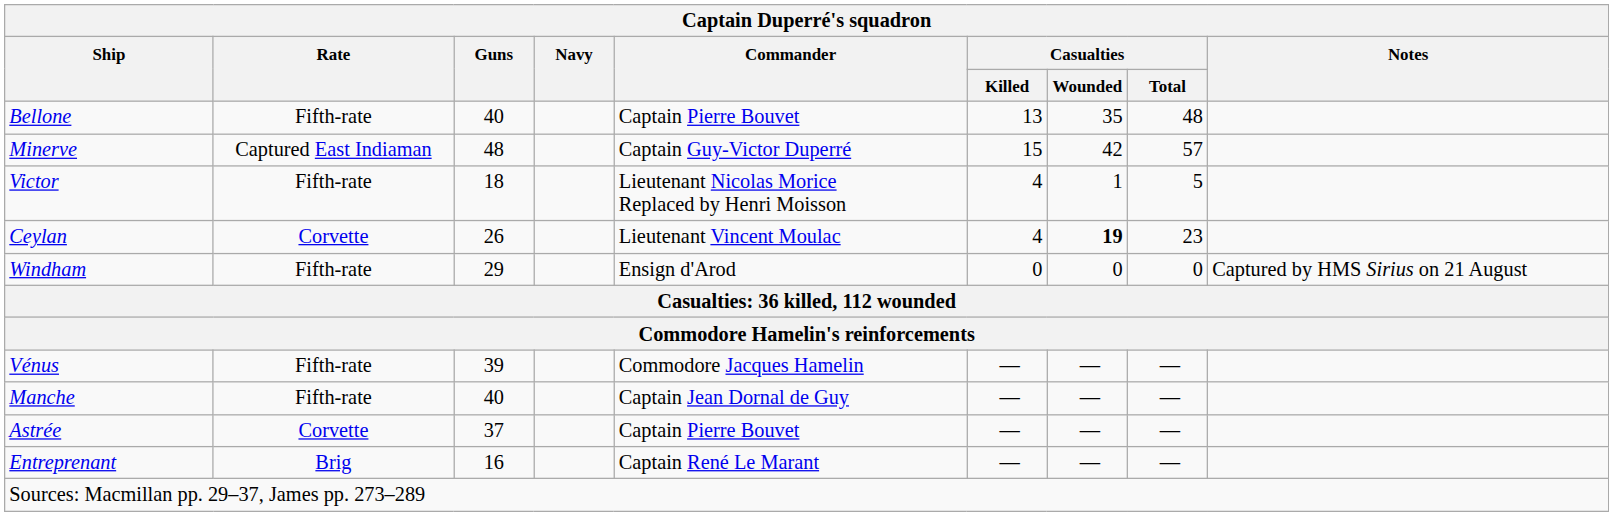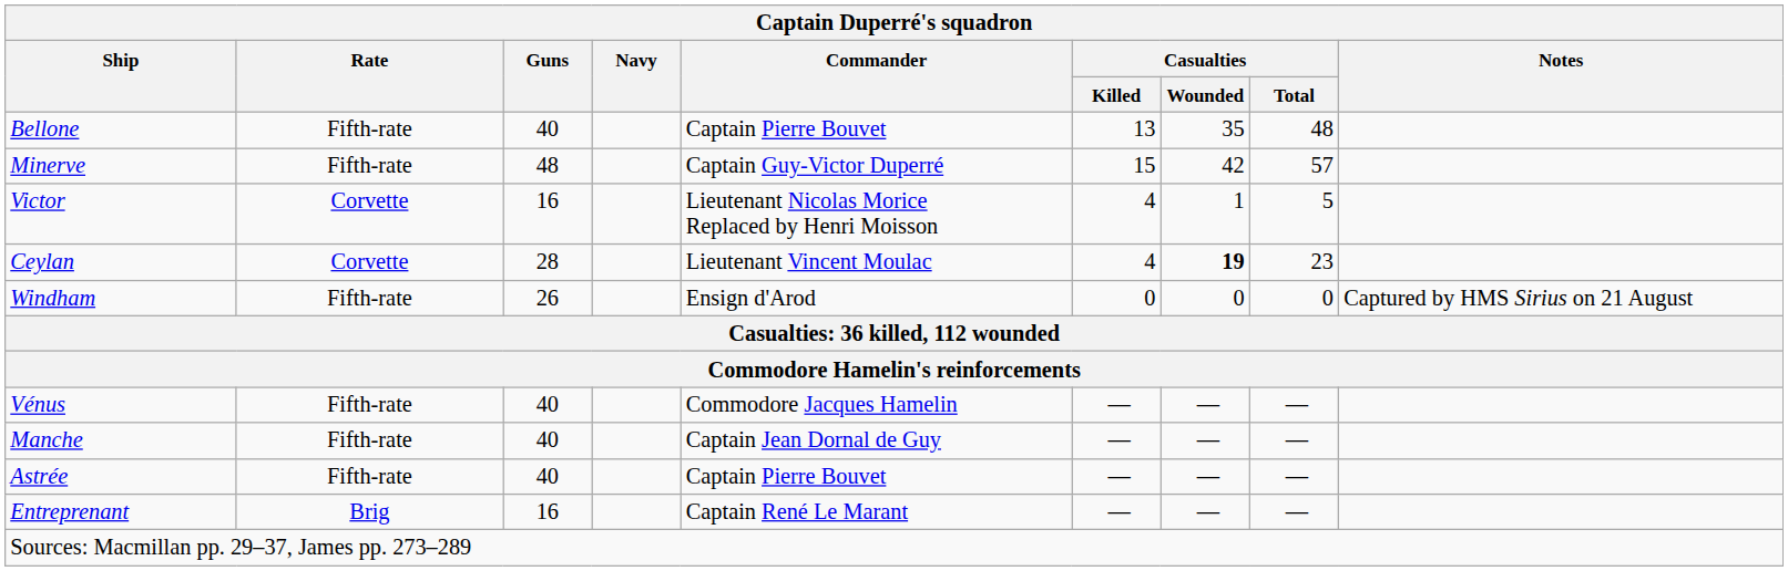 <table class="wikitable" border="1" style="width:100%;">
 <tr style="vertical-align:top;">
 <th colspan="11" bgcolor="white">Captain Duperré's squadron</th>
 </tr>
 <tr valign="top"|- style="vertical-align:top;">
 <th width=13%; align= center rowspan=2><small> Ship </small></th>
 <th width=15%; align= center rowspan=2><small> Rate </small></th>
 <th width=5%; align= center rowspan=2><small> Guns </small></th>
 <th width=5%; align= center rowspan=2><small> Navy </small></th>
 <th width=22%; align= center rowspan=2><small> Commander </small></th>
 <th width=15%; align= center colspan=3><small>Casualties</small></th>
 <th width=25%; align= center rowspan=2><small>Notes</small></th>
 </tr>
 <tr style="vertical-align:top;">
 <th width=5%; align= center><small> Killed </small></th>
 <th width=5%; align= center><small> Wounded </small></th>
 <th width=5%; align= center><small> Total</small></th>
 </tr>
 <tr valign="top">
 <td align= left><em><a href='#'>Bellone</a></em></td>
 <td align= center>Fifth-rate</td>
 <td align= center>40</td>
 <td align= center></td>
 <td align= left>Captain <a href='#'>Pierre Bouvet</a></td>
 <td align= right>13</td>
 <td align= right>35</td>
 <td align= right>48</td>
 <td align= left></td>
 </tr>
 <tr style="vertical-align:top;">
 <td align= left><em><a href='#'>Minerve</a></em></td>
-<td align= center>Captured <a href='#'>East Indiaman</a></td>
+<td align= center>Fifth-rate</td>
 <td align= center>48</td>
 <td align= center></td>
 <td align= left>Captain <a href='#'>Guy-Victor Duperré</a></td>
 <td align= right>15</td>
 <td align= right>42</td>
 <td align= right>57</td>
 <td align= left></td>
 </tr>
 <tr style="vertical-align:top;">
 <td align= left><em><a href='#'>Victor</a></em></td>
-<td align= center>Fifth-rate</td>
-<td align= center>18</td>
+<td align= center><a href='#'>Corvette</a></td>
+<td align= center>16</td>
 <td align= center></td>
 <td align= left>Lieutenant <a href='#'>Nicolas Morice</a><br>Replaced by Henri Moisson</td>
 <td align= right>4</td>
 <td align= right>1</td>
 <td align= right>5</td>
 <td align= left></td>
 </tr>
 <tr style="vertical-align:top;">
 <td align= left><a href='#'><em>Ceylan</em></a></td>
 <td align= center><a href='#'>Corvette</a></td>
-<td align= center>26</td>
+<td align= center>28</td>
 <td align= center></td>
 <td align= left>Lieutenant <a href='#'>Vincent Moulac</a></td>
 <td align= right>4</td>
 <td align= right><strong>19</strong></td>
 <td align= right>23</td>
 <td align= left></td>
 </tr>
 <tr style="vertical-align:top;">
 <td align= left><a href='#'><em>Windham</em></a></td>
 <td align= center>Fifth-rate</td>
-<td align= center>29</td>
+<td align= center>26</td>
 <td align= center></td>
 <td align= left>Ensign d'Arod</td>
 <td align= right>0</td>
 <td align= right>0</td>
 <td align= right>0</td>
 <td align= left>Captured by HMS <em>Sirius</em> on 21 August</td>
 </tr>
 <tr style="vertical-align:top;">
 <th colspan="11" bgcolor="white">Casualties: 36 killed, 112 wounded</th>
 </tr>
 <tr style="vertical-align:top;">
 <th colspan="11" bgcolor="white">Commodore Hamelin's reinforcements</th>
 </tr>
 <tr style="vertical-align:top;">
 <td align= left><em><a href='#'>Vénus</a></em></td>
 <td align= center>Fifth-rate</td>
-<td align= center>39</td>
+<td align= center>40</td>
 <td align= center></td>
 <td align= left>Commodore <a href='#'>Jacques Hamelin</a></td>
 <td align= center> —</td>
 <td align= center> —</td>
 <td align= center> —</td>
 <td align= left></td>
 </tr>
 <tr style="vertical-align:top;">
 <td align= left><em><a href='#'>Manche</a></em></td>
 <td align= center>Fifth-rate</td>
 <td align= center>40</td>
 <td align= center></td>
 <td align= left>Captain <a href='#'>Jean Dornal de Guy</a></td>
 <td align= center> —</td>
 <td align= center> —</td>
 <td align= center> —</td>
 <td align= left></td>
 </tr>
 <tr style="vertical-align:top;">
 <td align= left><em><a href='#'>Astrée</a></em></td>
-<td align= center><a href='#'>Corvette</a></td>
-<td align= center>37</td>
+<td align= center>Fifth-rate</td>
+<td align= center>40</td>
 <td align= center></td>
 <td align= left>Captain <a href='#'>Pierre Bouvet</a></td>
 <td align= center> —</td>
 <td align= center> —</td>
 <td align= center> —</td>
 <td align= left></td>
 </tr>
 <tr style="vertical-align:top;">
 <td align= left><em><a href='#'>Entreprenant</a></em></td>
 <td align= center><a href='#'>Brig</a></td>
 <td align= center>16</td>
 <td align= center></td>
 <td align= left>Captain <a href='#'>René Le Marant</a></td>
 <td align= center> —</td>
 <td align= center> —</td>
 <td align= center> —</td>
 <td align= left></td>
 </tr>
 <tr style="vertical-align:top;">
 <td colspan="9" align="left">Sources: Macmillan pp. 29–37, James pp. 273–289</td>
 </tr>
 </table>
